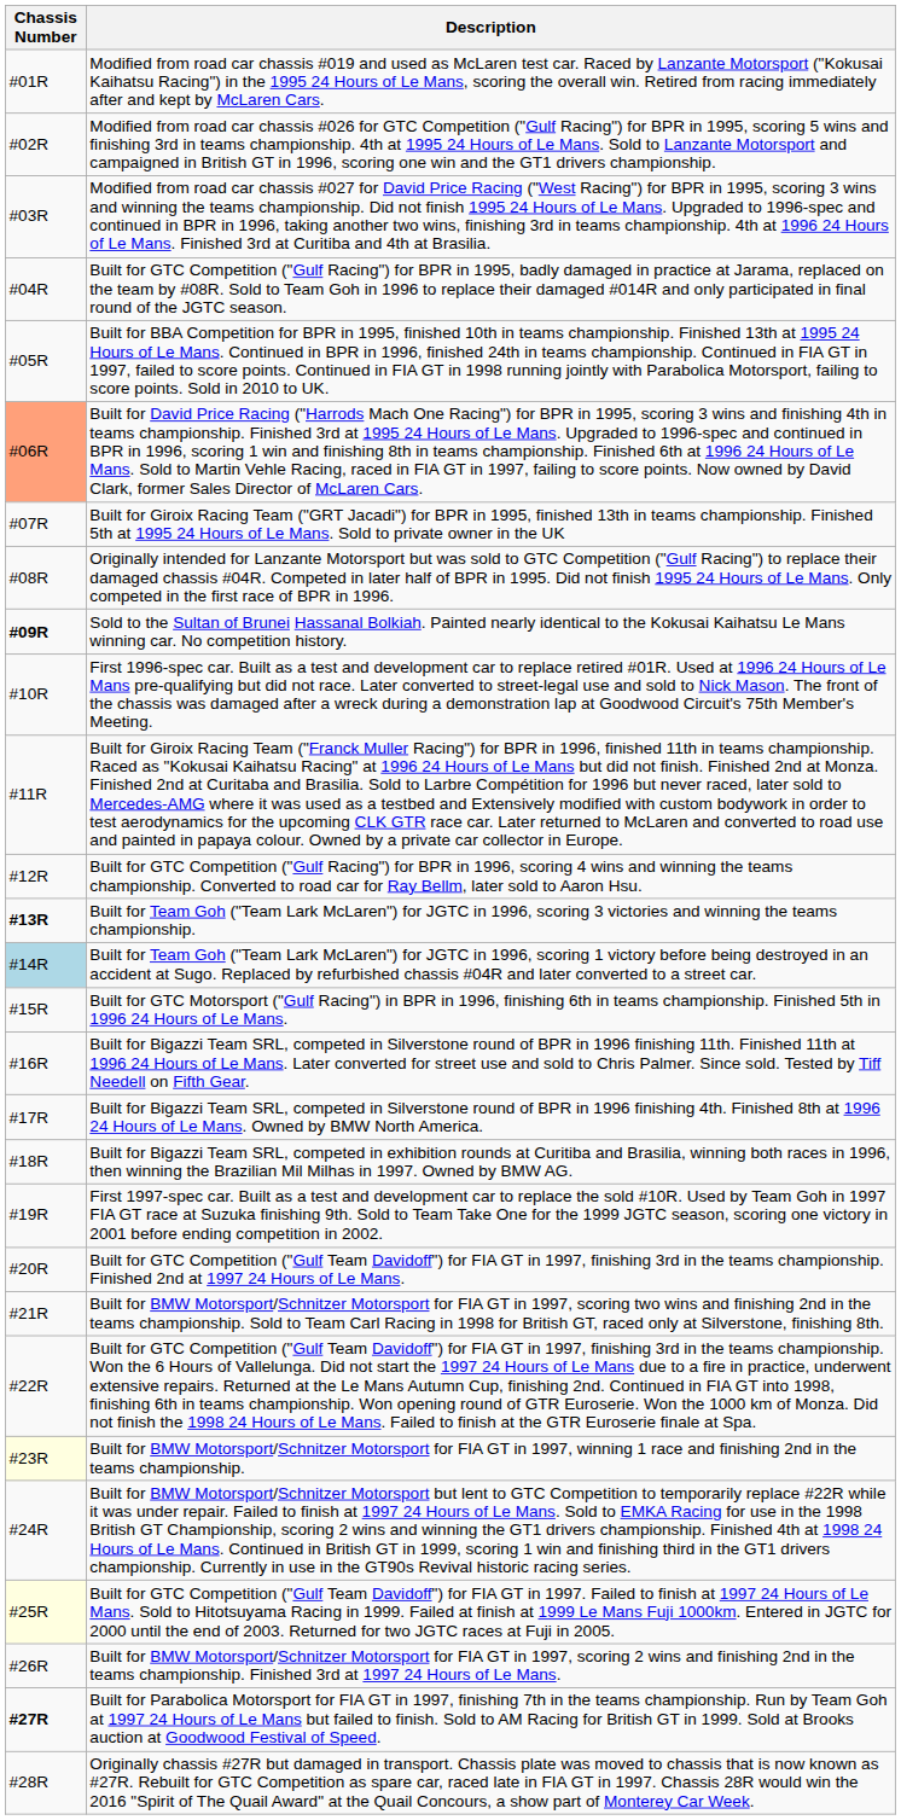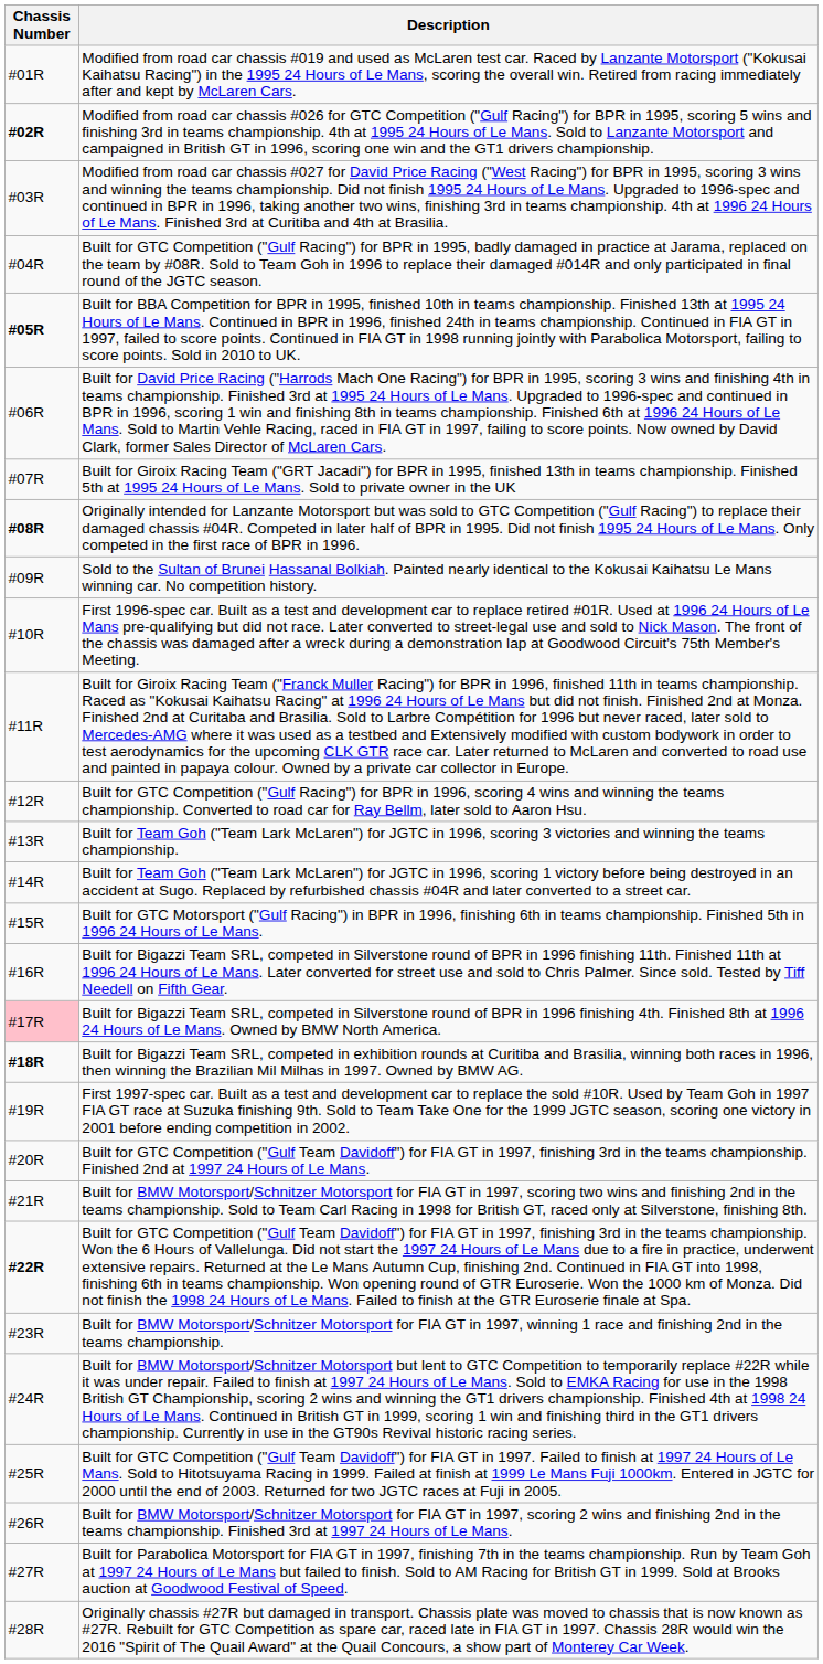 <table class="wikitable">
 <tr>
 <th>Chassis Number</th>
 <th>Description</th>
 </tr>
 <tr>
 <td>#01R</td>
 <td>Modified from road car chassis #019 and used as McLaren test car.  Raced by <a href='#'>Lanzante Motorsport</a> ("Kokusai Kaihatsu Racing") in the <a href='#'>1995 24 Hours of Le Mans</a>, scoring the overall win.  Retired from racing immediately after and kept by <a href='#'>McLaren Cars</a>.</td>
 </tr>
 <tr>
-<td>#02R</td>
+<td><strong>#02R</strong></td>
 <td>Modified from road car chassis #026 for GTC Competition ("<a href='#'>Gulf</a> Racing") for BPR in 1995, scoring 5 wins and finishing 3rd in teams championship.  4th at <a href='#'>1995 24 Hours of Le Mans</a>.  Sold to <a href='#'>Lanzante Motorsport</a> and campaigned in British GT in 1996, scoring one win and the GT1 drivers championship.</td>
 </tr>
 <tr>
 <td>#03R</td>
 <td>Modified from road car chassis #027 for <a href='#'>David Price Racing</a> ("<a href='#'>West</a> Racing") for BPR in 1995, scoring 3 wins and winning the teams championship.  Did not finish <a href='#'>1995 24 Hours of Le Mans</a>. Upgraded to 1996-spec and continued in BPR in 1996, taking another two wins, finishing 3rd in teams championship. 4th at <a href='#'>1996 24 Hours of Le Mans</a>. Finished 3rd at Curitiba and 4th at Brasilia.</td>
 </tr>
 <tr>
 <td>#04R</td>
 <td>Built for GTC Competition ("<a href='#'>Gulf</a> Racing") for BPR in 1995, badly damaged in practice at Jarama, replaced on the team by #08R.  Sold to Team Goh in 1996 to replace their damaged #014R and only participated in final round of the JGTC season.</td>
 </tr>
 <tr>
-<td>#05R</td>
+<td><strong>#05R</strong></td>
 <td>Built for BBA Competition for BPR in 1995, finished 10th in teams championship.  Finished 13th at <a href='#'>1995 24 Hours of Le Mans</a>. Continued in BPR in 1996, finished 24th in teams championship. Continued in FIA GT in 1997, failed to score points. Continued in FIA GT in 1998 running jointly with Parabolica Motorsport, failing to score points.  Sold in 2010 to UK.</td>
 </tr>
 <tr>
-<td style="background: lightsalmon;">#06R</td>
+<td>#06R</td>
 <td>Built for <a href='#'>David Price Racing</a> ("<a href='#'>Harrods</a> Mach One Racing") for BPR in 1995, scoring 3 wins and finishing 4th in teams championship.  Finished 3rd at <a href='#'>1995 24 Hours of Le Mans</a>.  Upgraded to 1996-spec and continued in BPR in 1996, scoring 1 win and finishing 8th in teams championship.  Finished 6th at <a href='#'>1996 24 Hours of Le Mans</a>.  Sold to Martin Vehle Racing, raced in FIA GT in 1997, failing to score points.  Now owned by David Clark, former Sales Director of <a href='#'>McLaren Cars</a>.</td>
 </tr>
 <tr>
 <td>#07R</td>
 <td>Built for Giroix Racing Team ("GRT Jacadi") for BPR in 1995, finished 13th in teams championship. Finished 5th at <a href='#'>1995 24 Hours of Le Mans</a>. Sold to private owner in the UK</td>
 </tr>
 <tr>
-<td>#08R</td>
+<td><strong>#08R</strong></td>
 <td>Originally intended for Lanzante Motorsport but was sold to GTC Competition ("<a href='#'>Gulf</a> Racing") to replace their damaged chassis #04R.  Competed in later half of BPR in 1995. Did not finish <a href='#'>1995 24 Hours of Le Mans</a>. Only competed in the first race of BPR in 1996.</td>
 </tr>
 <tr>
-<td><strong>#09R</strong></td>
+<td>#09R</td>
 <td>Sold to the <a href='#'>Sultan of Brunei</a> <a href='#'>Hassanal Bolkiah</a>.  Painted nearly identical to the Kokusai Kaihatsu Le Mans winning car. No competition history.</td>
 </tr>
 <tr>
 <td>#10R</td>
 <td>First 1996-spec car.  Built as a test and development car to replace retired #01R. Used at <a href='#'>1996 24 Hours of Le Mans</a> pre-qualifying but did not race. Later converted to street-legal use and sold to <a href='#'>Nick Mason</a>. The front of the chassis was damaged after a wreck during a demonstration lap at Goodwood Circuit's 75th Member's Meeting.</td>
 </tr>
 <tr>
 <td>#11R</td>
 <td>Built for Giroix Racing Team ("<a href='#'>Franck Muller</a> Racing") for BPR in 1996, finished 11th in teams championship. Raced as "Kokusai Kaihatsu Racing" at <a href='#'>1996 24 Hours of Le Mans</a> but did not finish. Finished 2nd at Monza. Finished 2nd at Curitaba and Brasilia. Sold to Larbre Compétition for 1996 but never raced, later sold to <a href='#'>Mercedes-AMG</a> where it was used as a testbed and Extensively modified with custom bodywork in order to test aerodynamics for the upcoming <a href='#'>CLK GTR</a> race car. Later returned to McLaren and converted to road use and painted in papaya colour. Owned by a private car collector in Europe.</td>
 </tr>
 <tr>
 <td>#12R</td>
 <td>Built for GTC Competition ("<a href='#'>Gulf</a> Racing") for BPR in 1996, scoring 4 wins and winning the teams championship. Converted to road car for <a href='#'>Ray Bellm</a>, later sold to Aaron Hsu.</td>
 </tr>
 <tr>
-<td><strong>#13R</strong></td>
+<td>#13R</td>
 <td>Built for <a href='#'>Team Goh</a> ("Team Lark McLaren") for JGTC in 1996, scoring 3 victories and winning the teams championship.</td>
 </tr>
 <tr>
-<td style="background: lightblue;">#14R</td>
+<td>#14R</td>
 <td>Built for <a href='#'>Team Goh</a> ("Team Lark McLaren") for JGTC in 1996, scoring 1 victory before being destroyed in an accident at Sugo. Replaced by refurbished chassis #04R and later converted to a street car.</td>
 </tr>
 <tr>
 <td>#15R</td>
 <td>Built for GTC Motorsport ("<a href='#'>Gulf</a> Racing") in BPR in 1996, finishing 6th in teams championship. Finished 5th in <a href='#'>1996 24 Hours of Le Mans</a>.</td>
 </tr>
 <tr>
 <td>#16R</td>
 <td>Built for Bigazzi Team SRL, competed in Silverstone round of BPR in 1996 finishing 11th.  Finished 11th at <a href='#'>1996 24 Hours of Le Mans</a>.  Later converted for street use and sold to Chris Palmer. Since sold. Tested by <a href='#'>Tiff Needell</a> on <a href='#'>Fifth Gear</a>.</td>
 </tr>
 <tr>
-<td>#17R</td>
+<td style="background: pink;">#17R</td>
 <td>Built for Bigazzi Team SRL, competed in Silverstone round of BPR in 1996 finishing 4th.  Finished 8th at <a href='#'>1996 24 Hours of Le Mans</a>.  Owned by BMW North America.</td>
 </tr>
 <tr>
-<td>#18R</td>
+<td><strong>#18R</strong></td>
 <td>Built for Bigazzi Team SRL, competed in exhibition rounds at Curitiba and Brasilia, winning both races in 1996, then winning the Brazilian Mil Milhas in 1997. Owned by BMW AG.</td>
 </tr>
 <tr>
 <td>#19R</td>
 <td>First 1997-spec car. Built as a test and development car to replace the sold #10R. Used by Team Goh in 1997 FIA GT race at Suzuka finishing 9th. Sold to Team Take One for the 1999 JGTC season, scoring one victory in 2001 before ending competition in 2002.</td>
 </tr>
 <tr>
 <td>#20R</td>
 <td>Built for GTC Competition ("<a href='#'>Gulf</a> Team <a href='#'>Davidoff</a>") for FIA GT in 1997, finishing 3rd in the teams championship. Finished 2nd at <a href='#'>1997 24 Hours of Le Mans</a>.</td>
 </tr>
 <tr>
 <td>#21R</td>
 <td>Built for <a href='#'>BMW Motorsport</a>/<a href='#'>Schnitzer Motorsport</a> for FIA GT in 1997, scoring two wins and finishing 2nd in the teams championship. Sold to Team Carl Racing in 1998 for British GT, raced only at Silverstone, finishing 8th.</td>
 </tr>
 <tr>
-<td>#22R</td>
+<td><strong>#22R</strong></td>
 <td>Built for GTC Competition ("<a href='#'>Gulf</a> Team <a href='#'>Davidoff</a>") for FIA GT in 1997, finishing 3rd in the teams championship. Won the 6 Hours of Vallelunga. Did not start the <a href='#'>1997 24 Hours of Le Mans</a> due to a fire in practice, underwent extensive repairs. Returned at the Le Mans Autumn Cup, finishing 2nd. Continued in FIA GT into 1998, finishing 6th in teams championship. Won opening round of GTR Euroserie. Won the 1000 km of Monza. Did not finish the <a href='#'>1998 24 Hours of Le Mans</a>. Failed to finish at the GTR Euroserie finale at Spa.</td>
 </tr>
 <tr>
-<td style="background: lightyellow;">#23R</td>
+<td>#23R</td>
 <td>Built for <a href='#'>BMW Motorsport</a>/<a href='#'>Schnitzer Motorsport</a> for FIA GT in 1997, winning 1 race and finishing 2nd in the teams championship.</td>
 </tr>
 <tr>
 <td>#24R</td>
 <td>Built for <a href='#'>BMW Motorsport</a>/<a href='#'>Schnitzer Motorsport</a> but lent to GTC Competition to temporarily replace #22R while it was under repair. Failed to finish at <a href='#'>1997 24 Hours of Le Mans</a>. Sold to <a href='#'>EMKA Racing</a> for use in the 1998 British GT Championship, scoring 2 wins and winning the GT1 drivers championship.  Finished 4th at <a href='#'>1998 24 Hours of Le Mans</a>.  Continued in British GT in 1999, scoring 1 win and finishing third in the GT1 drivers championship. Currently in use in the GT90s Revival historic racing series.</td>
 </tr>
 <tr>
-<td style="background: lightyellow;">#25R</td>
+<td>#25R</td>
 <td>Built for GTC Competition ("<a href='#'>Gulf</a> Team <a href='#'>Davidoff</a>") for FIA GT in 1997. Failed to finish at <a href='#'>1997 24 Hours of Le Mans</a>. Sold to Hitotsuyama Racing in 1999. Failed at finish at <a href='#'>1999 Le Mans Fuji 1000km</a>. Entered in JGTC for 2000 until the end of 2003. Returned for two JGTC races at Fuji in 2005.</td>
 </tr>
 <tr>
 <td>#26R</td>
 <td>Built for <a href='#'>BMW Motorsport</a>/<a href='#'>Schnitzer Motorsport</a> for FIA GT in 1997, scoring 2 wins and finishing 2nd in the teams championship.  Finished 3rd at <a href='#'>1997 24 Hours of Le Mans</a>.</td>
 </tr>
 <tr>
-<td><strong>#27R</strong></td>
+<td>#27R</td>
 <td>Built for Parabolica Motorsport for FIA GT in 1997, finishing 7th in the teams championship.  Run by Team Goh at <a href='#'>1997 24 Hours of Le Mans</a> but failed to finish. Sold to AM Racing for British GT in 1999. Sold at Brooks auction at <a href='#'>Goodwood Festival of Speed</a>.</td>
 </tr>
 <tr>
 <td>#28R</td>
 <td>Originally chassis #27R but damaged in transport. Chassis plate was moved to chassis that is now known as #27R. Rebuilt for GTC Competition as spare car, raced late in FIA GT in 1997. Chassis 28R would win the 2016 "Spirit of The Quail Award" at the Quail Concours, a show part of <a href='#'>Monterey Car Week</a>.</td>
 </tr>
 </table>
